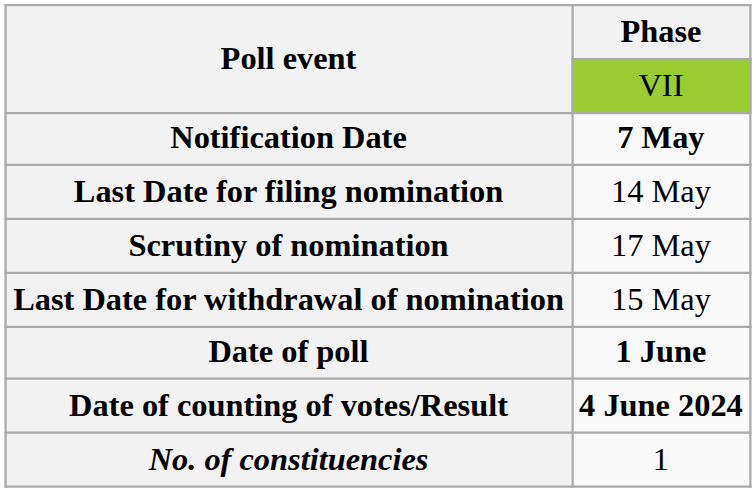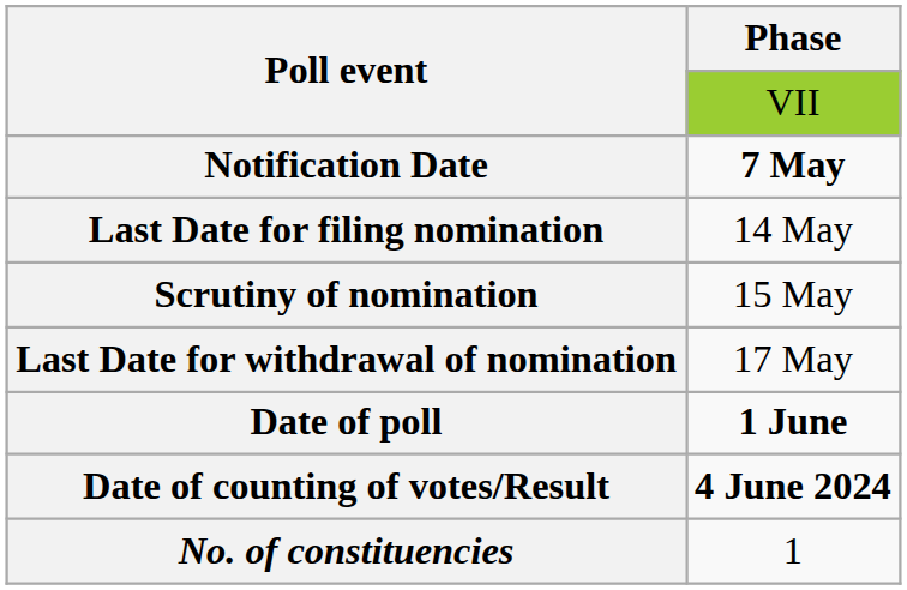 <table class="wikitable" style="text-align:center;margin:auto;font-size:90%;">
 <tr>
 <th rowspan=2>Poll event</th>
 <th>Phase</th>
 </tr>
 <tr>
 <td bgcolor=#9ACD32>VII</td>
 </tr>
 <tr>
 <th>Notification Date</th>
 <td><strong>7 May</strong></td>
 </tr>
 <tr>
 <th>Last Date for filing nomination</th>
 <td>14 May</td>
 </tr>
 <tr>
 <th>Scrutiny of nomination</th>
-<td>17 May</td>
+<td>15 May</td>
 </tr>
 <tr>
 <th>Last Date for withdrawal of nomination</th>
-<td>15 May</td>
+<td>17 May</td>
 </tr>
 <tr>
 <th>Date of poll</th>
 <td><strong>1 June</strong></td>
 </tr>
 <tr>
 <th>Date of counting of votes/Result</th>
 <td><strong>4 June 2024</strong></td>
 </tr>
 <tr>
 <th><strong><em>No. of constituencies</em></strong></th>
 <td>1</td>
 </tr>
 </table>
